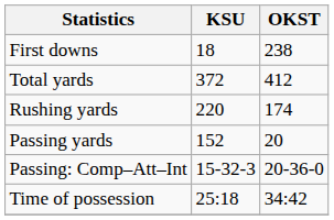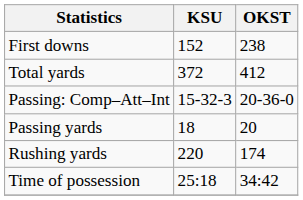 <table class="wikitable" style="float: left;">
 <tr>
 <th>Statistics</th>
 <th>KSU</th>
 <th>OKST</th>
 </tr>
 <tr>
 <td>First downs</td>
-<td>18</td>
+<td>152</td>
 <td>238</td>
 </tr>
 <tr>
 <td>Total yards</td>
 <td>372</td>
 <td>412</td>
 </tr>
 <tr>
+<td>Passing: Comp–Att–Int</td>
+<td>15-32-3</td>
+<td>20-36-0</td>
+</tr>
+<tr>
+<td>Passing yards</td>
+<td>18</td>
+<td>20</td>
+</tr>
+<tr>
 <td>Rushing yards</td>
 <td>220</td>
 <td>174</td>
-</tr>
-<tr>
-<td>Passing yards</td>
-<td>152</td>
-<td>20</td>
-</tr>
-<tr>
-<td>Passing: Comp–Att–Int</td>
-<td>15-32-3</td>
-<td>20-36-0</td>
 </tr>
 <tr>
 <td>Time of possession</td>
 <td>25:18</td>
 <td>34:42</td>
 </tr>
 <tr>
 </tr>
 </table>
